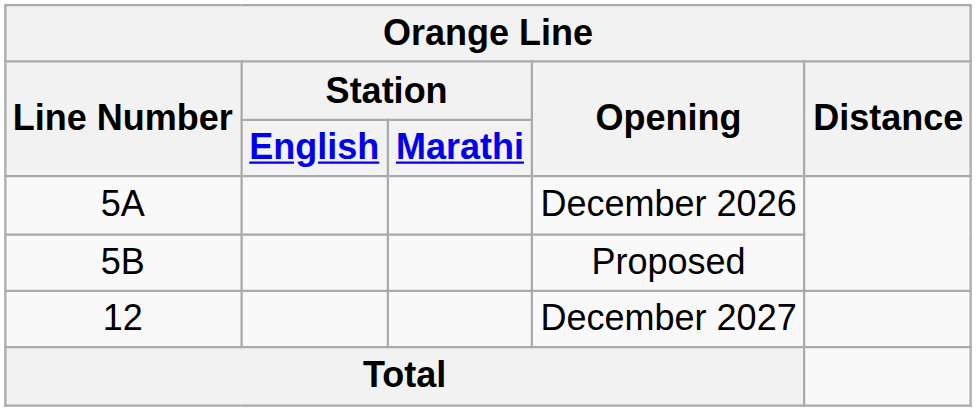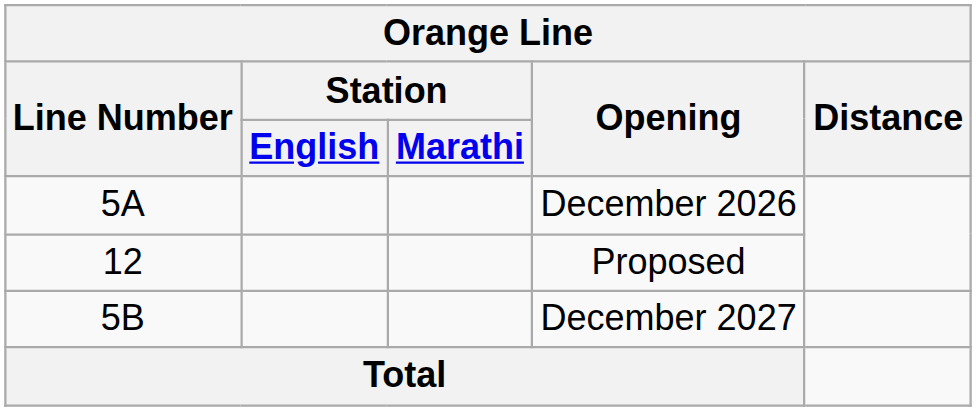 <table class="wikitable" style="text-align:center;margin:auto;">
 <tr>
 <th colspan="10" style="background:#"><span>Orange Line</span></th>
 </tr>
 <tr>
 <th rowspan="2">Line Number</th>
 <th colspan="2">Station</th>
 <th rowspan="2">Opening</th>
 <th rowspan="2">Distance</th>
 </tr>
 <tr>
 <th><a href='#'>English</a></th>
 <th><a href='#'>Marathi</a></th>
 </tr>
 <tr>
 <td>5A</td>
 <td></td>
 <td></td>
 <td>December 2026</td>
 <td rowspan="2"></td>
 </tr>
 <tr>
-<td>5B</td>
+<td>12</td>
 <td></td>
 <td></td>
 <td>Proposed</td>
 </tr>
 <tr>
-<td>12</td>
+<td>5B</td>
 <td></td>
 <td></td>
 <td>December 2027</td>
 <td></td>
 </tr>
 <tr>
 <th colspan="4">Total</th>
 <td></td>
 </tr>
 </table>
